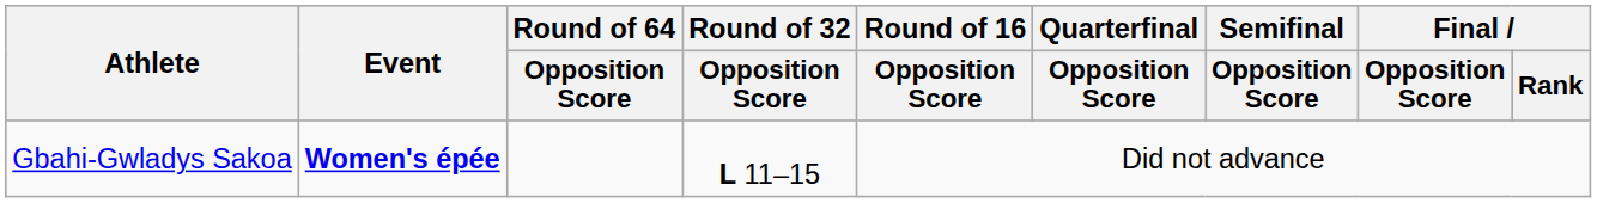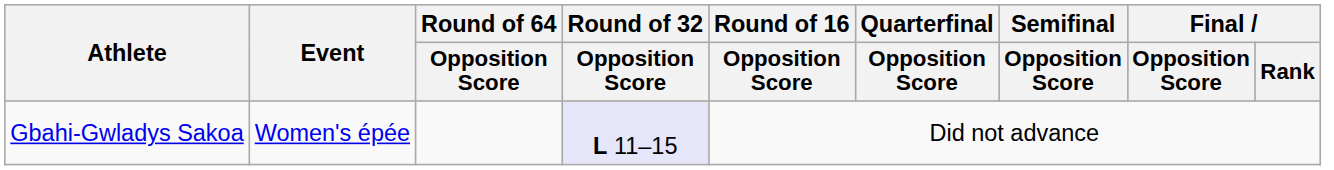 <table class="wikitable" style="font-size:90%">
 <tr>
 <th rowspan=2>Athlete</th>
 <th rowspan=2>Event</th>
 <th>Round of 64</th>
 <th>Round of 32</th>
 <th>Round of 16</th>
 <th>Quarterfinal</th>
 <th>Semifinal</th>
 <th colspan=2>Final / </th>
 </tr>
 <tr style="font-size:95%">
 <th>Opposition<br>Score</th>
 <th>Opposition<br>Score</th>
 <th>Opposition<br>Score</th>
 <th>Opposition<br>Score</th>
 <th>Opposition<br>Score</th>
 <th>Opposition<br>Score</th>
 <th>Rank</th>
 </tr>
 <tr align=center>
 <td align=left><a href='#'>Gbahi-Gwladys Sakoa</a></td>
-<td align=left><strong><a href='#'>Women's épée</a></strong></td>
+<td align=left><a href='#'>Women's épée</a></td>
 <td></td>
-<td><br><strong>L</strong> 11–15</td>
+<td style="background: lavender;"><br><strong>L</strong> 11–15</td>
 <td colspan=5>Did not advance</td>
 </tr>
 </table>
